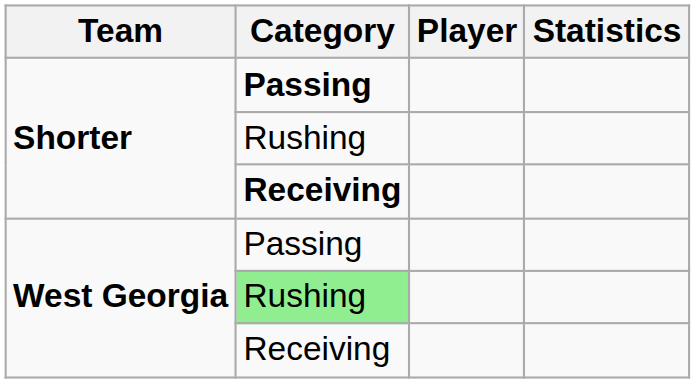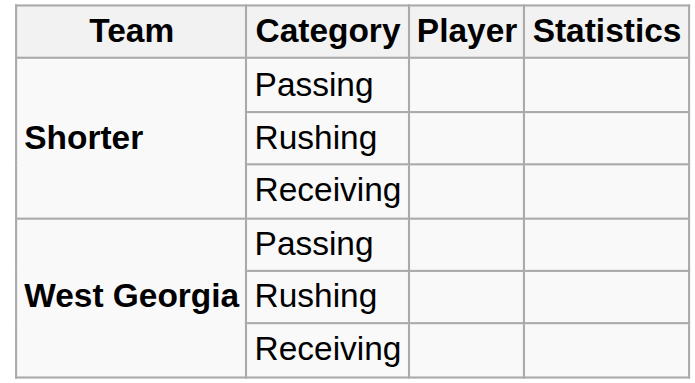 <table class="wikitable" style="float: right;">
 <tr>
 <th>Team</th>
 <th>Category</th>
 <th>Player</th>
 <th>Statistics</th>
 </tr>
 <tr>
 <td rowspan=3><strong>Shorter</strong></td>
-<td><strong>Passing</strong></td>
+<td>Passing</td>
 <td></td>
 <td></td>
 </tr>
 <tr>
 <td>Rushing</td>
 <td></td>
 <td></td>
 </tr>
 <tr>
-<td><strong>Receiving</strong></td>
+<td>Receiving</td>
 <td></td>
 <td></td>
 </tr>
 <tr>
 <td rowspan=3><strong>West Georgia</strong></td>
 <td>Passing</td>
 <td></td>
 <td></td>
 </tr>
 <tr>
-<td style="background: lightgreen;">Rushing</td>
+<td>Rushing</td>
 <td></td>
 <td></td>
 </tr>
 <tr>
 <td>Receiving</td>
 <td></td>
 <td></td>
 </tr>
 </table>
